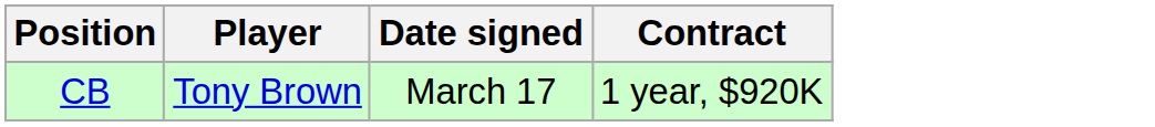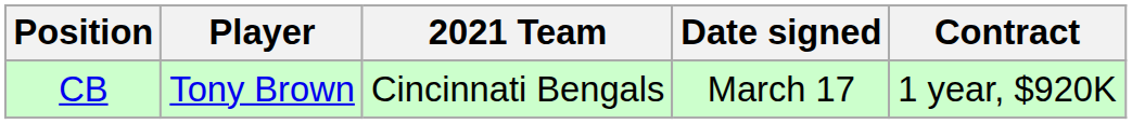 <table class="wikitable" style="text-align:center">
 <tr>
 <th>Position</th>
 <th>Player</th>
+<th>2021 Team</th>
 <th>Date signed</th>
 <th>Contract</th>
 </tr>
 <tr style="background:#cfc;">
 <td><a href='#'>CB</a></td>
 <td><a href='#'>Tony Brown</a></td>
+<td>Cincinnati Bengals</td>
 <td>March 17</td>
 <td>1 year, $920K</td>
 </tr>
 </table>
